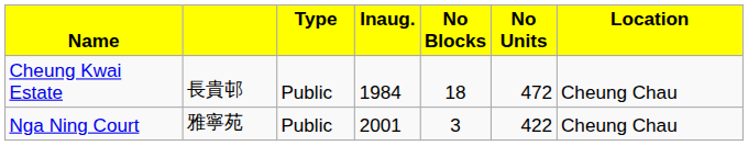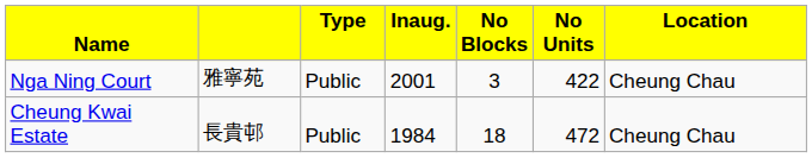 <table class="wikitable">
 <tr style="font-weight:bold;background-color:yellow" align="center" valign="top">
 <td width="143.25" Height="12.75" valign="bottom">Name</td>
 <td width="72.75" valign="top"></td>
 <td width="59.25" valign="top">Type</td>
 <td width="48" valign="top">Inaug.</td>
 <td width="48" valign="top">No Blocks</td>
 <td width="48.75" valign="bottom">No Units</td>
 <td width="150.75" valign="top">Location</td>
 </tr>
 <tr valign="bottom">
+<td Height="12.75"><a href='#'>Nga Ning Court</a></td>
+<td>雅寧苑</td>
+<td>Public</td>
+<td>2001</td>
+<td align="center">3</td>
+<td align="right">422</td>
+<td>Cheung Chau</td>
+</tr>
+<tr valign="bottom">
 <td Height="12.75"><a href='#'>Cheung Kwai Estate</a></td>
 <td>長貴邨</td>
 <td>Public</td>
 <td>1984</td>
 <td align="center">18</td>
 <td align="right">472</td>
 <td>Cheung Chau</td>
 </tr>
-<tr valign="bottom">
-<td Height="12.75"><a href='#'>Nga Ning Court</a></td>
-<td>雅寧苑</td>
-<td>Public</td>
-<td>2001</td>
-<td align="center">3</td>
-<td align="right">422</td>
-<td>Cheung Chau</td>
-</tr>
 </table>
